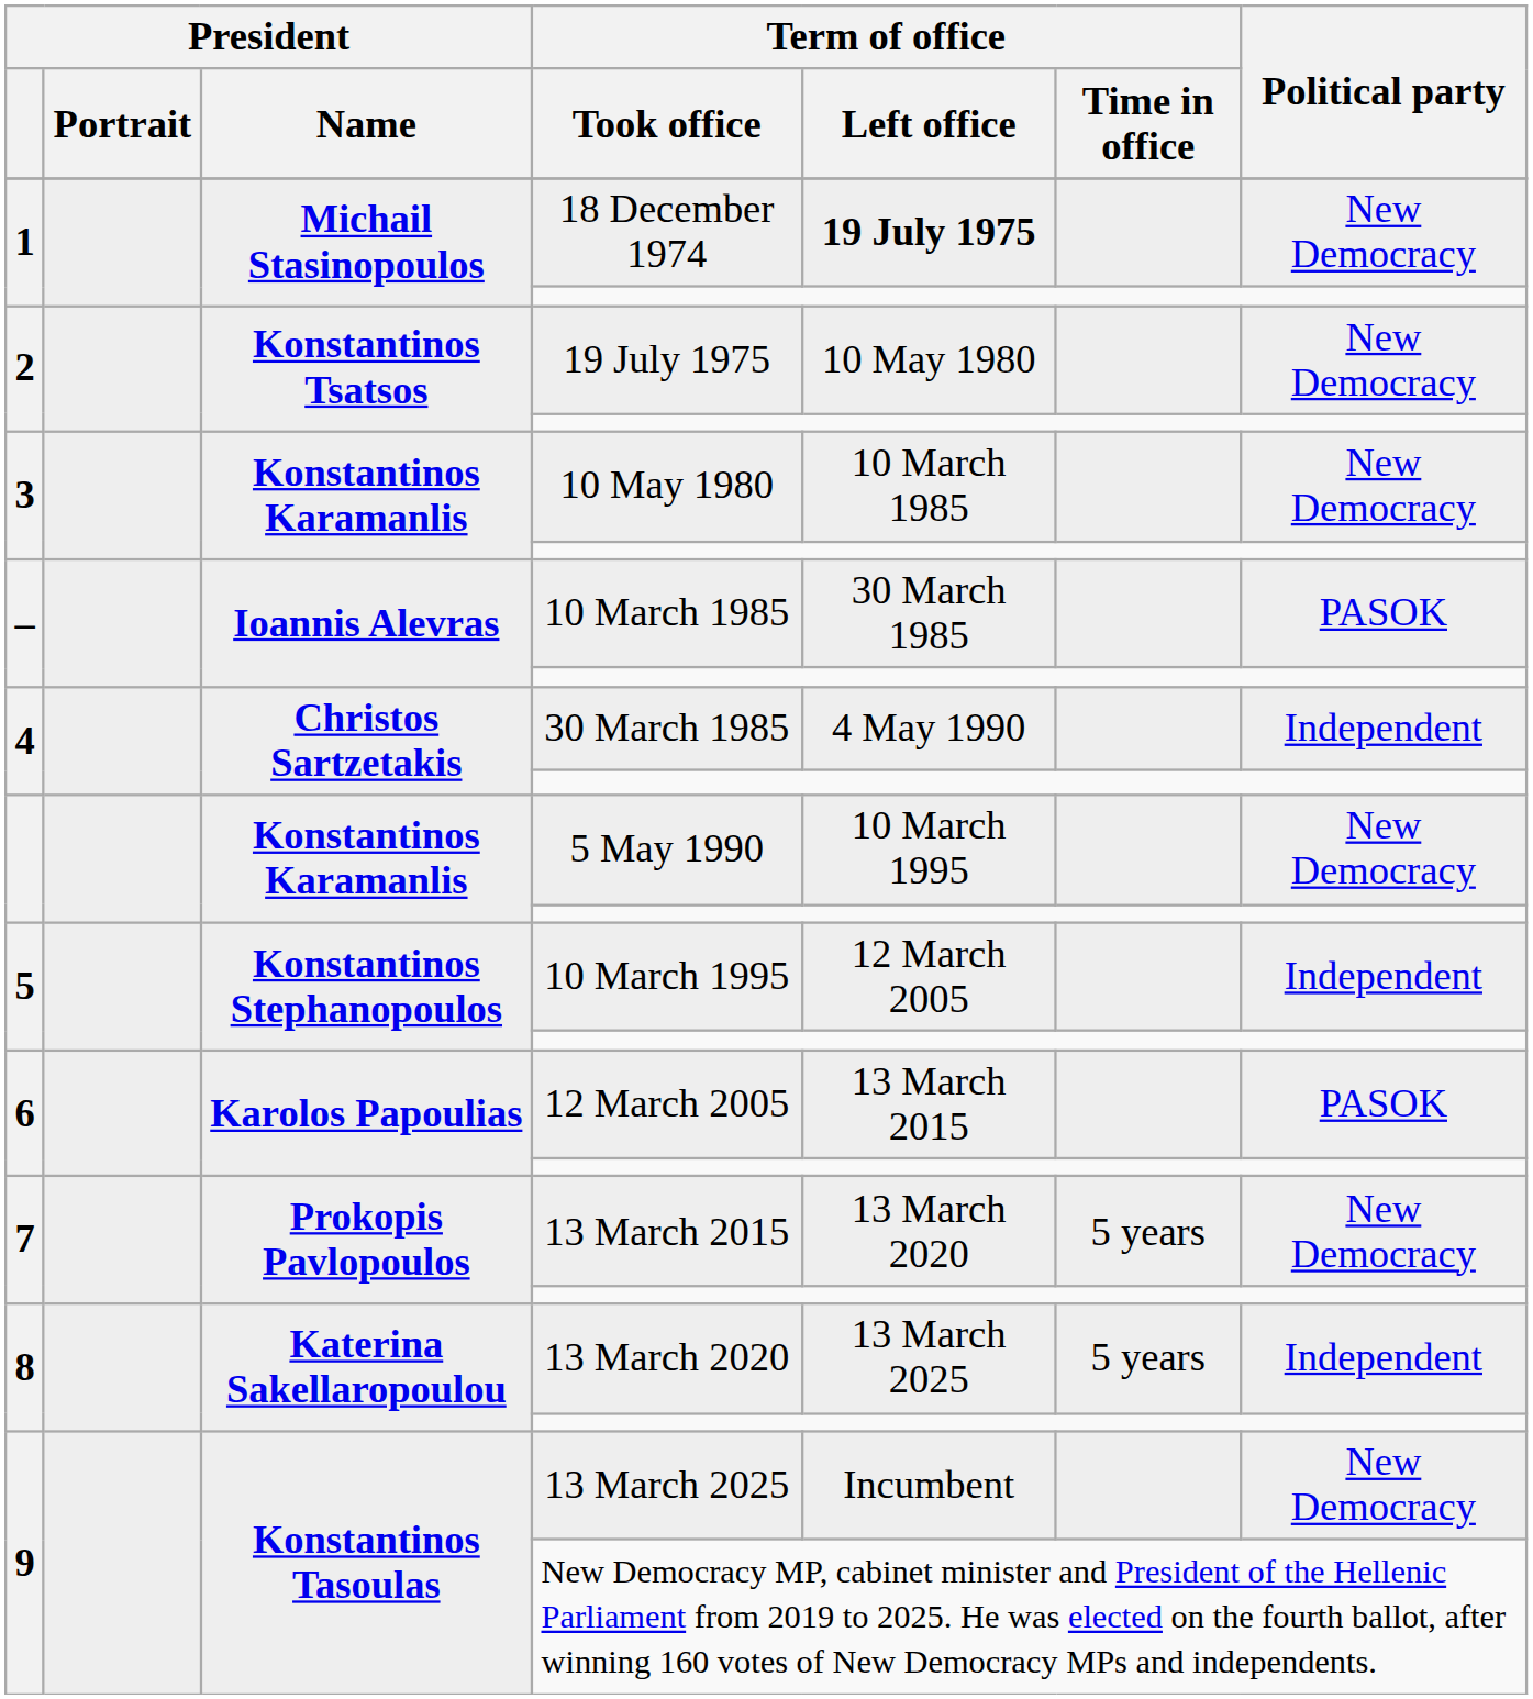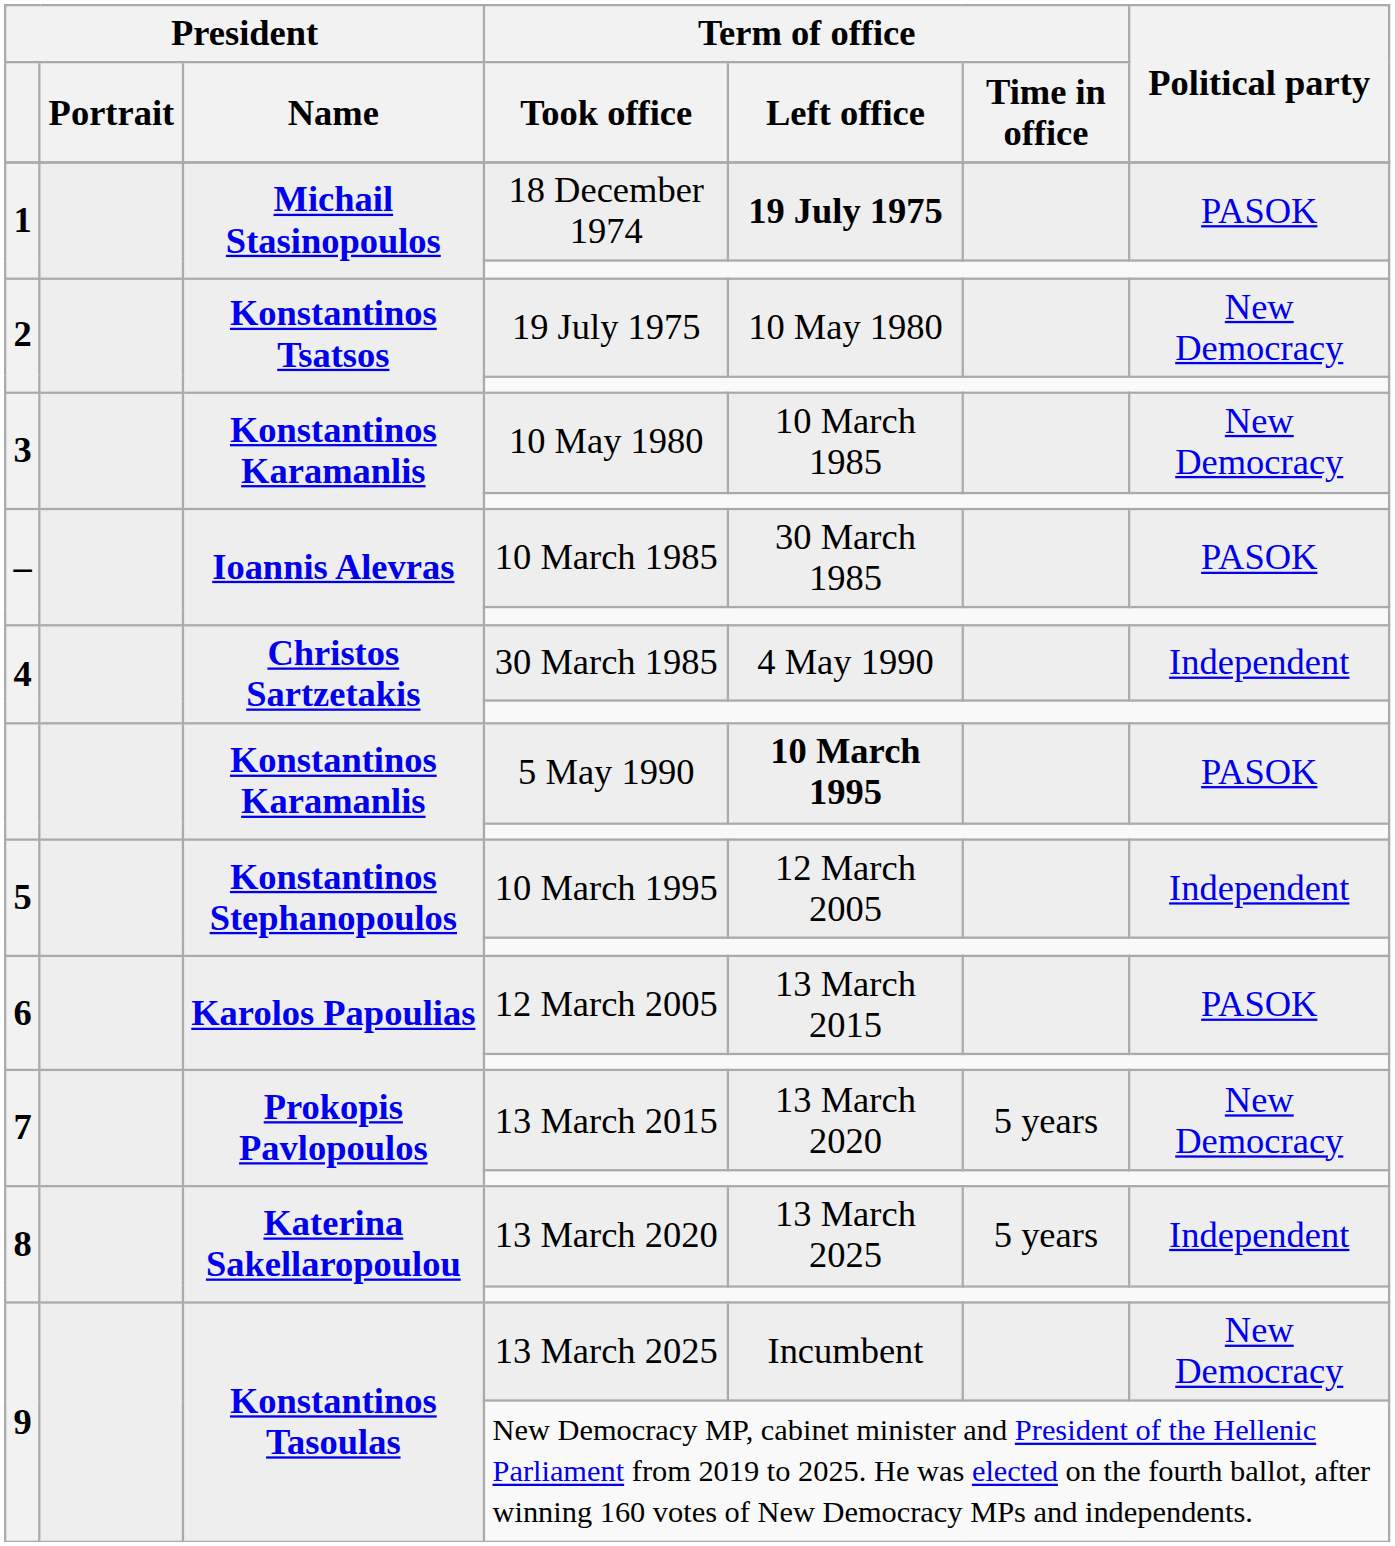 <table class="wikitable" style="text-align:center">
 <tr>
 <th colspan=3>President</th>
 <th colspan=3>Term of office</th>
 <th rowspan=2>Political party</th>
 </tr>
 <tr>
 <th></th>
 <th>Portrait</th>
 <th>Name<br></th>
 <th>Took office</th>
 <th>Left office</th>
 <th>Time in office</th>
 </tr>
 <tr>
 </tr>
 <tr style="background-color:#EEEEEE">
 <th rowspan=2 style="background:">1</th>
 <td rowspan=2></td>
 <td rowspan=2><strong><a href='#'>Michail Stasinopoulos</a></strong><br></td>
 <td>18 December 1974</td>
 <td><strong>19 July 1975</strong></td>
 <td></td>
-<td><a href='#'>New Democracy</a></td>
+<td><a href='#'>PASOK</a></td>
 </tr>
 <tr>
 <td colspan=4 align="left"></td>
 </tr>
 <tr style="background-color:#EEEEEE">
 <th rowspan=2 style="background:">2</th>
 <td rowspan=2></td>
 <td rowspan=2><strong><a href='#'>Konstantinos Tsatsos</a></strong><br></td>
 <td>19 July 1975</td>
 <td>10 May 1980</td>
 <td></td>
 <td><a href='#'>New Democracy</a></td>
 </tr>
 <tr>
 <td colspan=4 align="left"></td>
 </tr>
 <tr style="background-color:#EEEEEE">
 <th rowspan=2 style="background:">3</th>
 <td rowspan=2></td>
 <td rowspan=2><strong><a href='#'>Konstantinos Karamanlis</a></strong><br></td>
 <td>10 May 1980</td>
 <td>10 March 1985<br></td>
 <td></td>
 <td><a href='#'>New Democracy</a></td>
 </tr>
 <tr>
 <td colspan=4 align="left"></td>
 </tr>
 <tr style="background-color:#EEEEEE">
 <th rowspan=2 style="background:">–</th>
 <td rowspan=2></td>
 <td rowspan=2><strong><a href='#'>Ioannis Alevras</a></strong><br></td>
 <td>10 March 1985</td>
 <td>30 March 1985</td>
 <td></td>
 <td><a href='#'>PASOK</a></td>
 </tr>
 <tr>
 <td colspan=4 align="left"></td>
 </tr>
 <tr style="background-color:#EEEEEE">
 <th rowspan=2 style="background:">4</th>
 <td rowspan=2></td>
 <td rowspan=2><strong><a href='#'>Christos Sartzetakis</a></strong><br></td>
 <td>30 March 1985</td>
 <td>4 May 1990</td>
 <td></td>
 <td><a href='#'>Independent</a></td>
 </tr>
 <tr>
 <td colspan=4 align="left"></td>
 </tr>
 <tr style="background-color:#EEEEEE">
 <th rowspan=2 style="background:"></th>
 <td rowspan=2></td>
 <td rowspan=2><strong><a href='#'>Konstantinos Karamanlis</a></strong><br></td>
 <td>5 May 1990</td>
-<td>10 March 1995</td>
+<td><strong>10 March 1995</strong></td>
 <td></td>
-<td><a href='#'>New Democracy</a></td>
+<td><a href='#'>PASOK</a></td>
 </tr>
 <tr>
 <td colspan=4 align="left"></td>
 </tr>
 <tr style="background-color:#EEEEEE">
 <th rowspan=2 style="background:">5</th>
 <td rowspan=2></td>
 <td rowspan=2><strong><a href='#'>Konstantinos Stephanopoulos</a></strong><br></td>
 <td>10 March 1995</td>
 <td>12 March 2005</td>
 <td></td>
 <td><a href='#'>Independent</a></td>
 </tr>
 <tr>
 <td colspan=4 align="left"></td>
 </tr>
 <tr style="background-color:#EEEEEE">
 <th rowspan=2 style="background:">6</th>
 <td rowspan=2></td>
 <td rowspan=2><strong><a href='#'>Karolos Papoulias</a></strong><br></td>
 <td>12 March 2005</td>
 <td>13 March 2015</td>
 <td></td>
 <td><a href='#'>PASOK</a></td>
 </tr>
 <tr>
 <td colspan=4 align="left"></td>
 </tr>
 <tr style="background-color:#EEEEEE">
 <th rowspan=2 style="background:">7</th>
 <td rowspan=2></td>
 <td rowspan=2><strong><a href='#'>Prokopis Pavlopoulos</a></strong><br></td>
 <td>13 March 2015</td>
 <td>13 March 2020</td>
 <td>5 years</td>
 <td><a href='#'>New Democracy</a></td>
 </tr>
 <tr>
 <td colspan=4 align="left"></td>
 </tr>
 <tr style="background-color:#EEEEEE">
 <th rowspan=2 style="background:">8</th>
 <td rowspan=2></td>
 <td rowspan=2><strong><a href='#'>Katerina Sakellaropoulou</a></strong><br></td>
 <td>13 March 2020</td>
 <td>13 March 2025</td>
 <td>5 years</td>
 <td><a href='#'>Independent</a></td>
 </tr>
 <tr>
 <td colspan=4 align="left"></td>
 </tr>
 <tr style="background-color:#EEEEEE">
 <th rowspan=2 style="background:">9</th>
 <td rowspan=2></td>
 <td rowspan=2><strong><a href='#'>Konstantinos Tasoulas</a></strong><br></td>
 <td>13 March 2025</td>
 <td>Incumbent</td>
 <td></td>
 <td><a href='#'>New Democracy</a></td>
 </tr>
 <tr>
 <td colspan=4 align="left"><small>New Democracy MP, cabinet minister and <a href='#'>President of the Hellenic Parliament</a> from 2019 to 2025. He was <a href='#'>elected</a> on the fourth ballot, after winning 160 votes of New Democracy MPs and independents.</small></td>
 </tr>
 </table>
